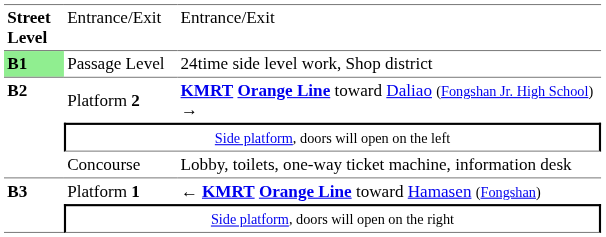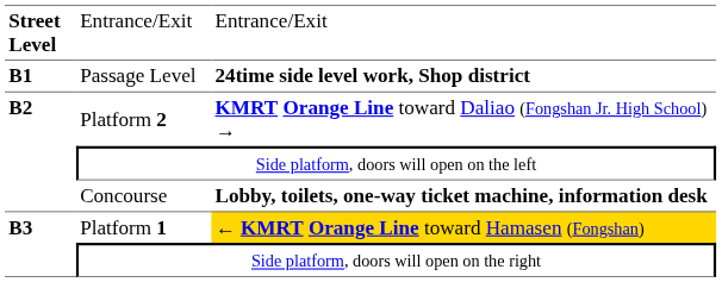 <table table border=0 cellspacing=0 cellpadding=3>
 <tr>
 <td style="border-bottom:solid 1px gray;border-top:solid 1px gray;" width=50 valign=top><strong>Street Level</strong></td>
 <td style="border-top:solid 1px gray;border-bottom:solid 1px gray;" width=100 valign=top>Entrance/Exit</td>
 <td style="border-top:solid 1px gray;border-bottom:solid 1px gray;" width=390 valign=top>Entrance/Exit</td>
 </tr>
 <tr>
-<td style="background: lightgreen;"><strong>B1</strong></td>
+<td><strong>B1</strong></td>
 <td>Passage Level</td>
-<td>24time side level work, Shop district</td>
+<td><strong>24time side level work, Shop district</strong></td>
 </tr>
 <tr>
 <td style="border-top:solid 1px gray;" width=50 rowspan=3 valign=top><strong>B2</strong></td>
 <td style="border-top:solid 1px gray;" width=100>Platform <span><strong>2</strong></span></td>
 <td style="border-top:solid 1px gray;" width=390> <a href='#'><span><strong>KMRT</strong></span></a> <a href='#'><span><strong>Orange Line</strong></span></a> toward <a href='#'>Daliao</a> <small>(<a href='#'>Fongshan Jr. High School</a>)</small> →</td>
 </tr>
 <tr>
 <td style="border-right:solid 2px black;border-left:solid 2px black;border-bottom:solid 1px gray;border-top:solid 2px black;text-align:center;" colspan=2><small><a href='#'>Side platform</a>, doors will open on the left</small></td>
 </tr>
 <tr>
 <td>Concourse</td>
-<td>Lobby, toilets, one-way ticket machine, information desk</td>
+<td><strong>Lobby, toilets, one-way ticket machine, information desk</strong></td>
 </tr>
 <tr>
 <td style="border-top:solid 1px gray;border-bottom:solid 1px gray;" width=50 rowspan=2 valign=top><strong>B3</strong></td>
 <td style="border-top:solid 1px gray;" width=100>Platform <span><strong>1</strong></span></td>
-<td style="border-top:solid 1px gray;" width=390>← <a href='#'><span><strong>KMRT</strong></span></a> <a href='#'><span><strong>Orange Line</strong></span></a> toward <a href='#'>Hamasen</a> <small>(<a href='#'>Fongshan</a>)</small></td>
+<td style="background: gold; border-top:solid 1px gray;" width=390>← <a href='#'><span><strong>KMRT</strong></span></a> <a href='#'><span><strong>Orange Line</strong></span></a> toward <a href='#'>Hamasen</a> <small>(<a href='#'>Fongshan</a>)</small></td>
 </tr>
 <tr>
 <td style="border-right:solid 2px black;border-left:solid 2px black;border-bottom:solid 1px gray;border-top:solid 2px black;text-align:center;" colspan=2><small><a href='#'>Side platform</a>, doors will open on the right</small></td>
 </tr>
 </table>
